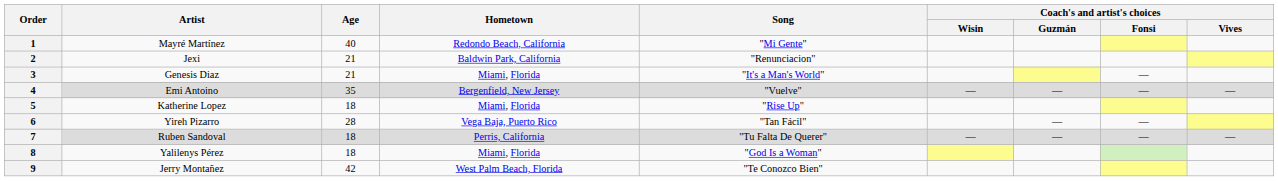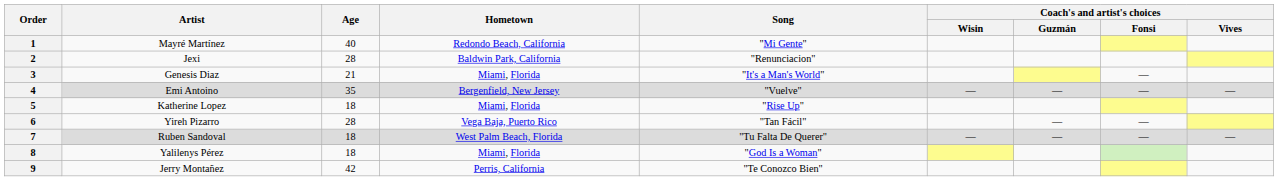 <table class="wikitable" style="text-align:center; line-height:17px; width:100%;">
 <tr>
 <th scope="col" rowspan="2" style="width:04%;">Order</th>
 <th scope="col" rowspan="2" style="width:18%;">Artist</th>
 <th scope="col" rowspan="2" style="width:04%;">Age</th>
 <th scope="col" rowspan="2" style="width:18%;">Hometown</th>
 <th scope="col" rowspan="2" style="width:20%;">Song</th>
 <th scope="col" colspan="4" style="width:24%;">Coach's and artist's choices</th>
 </tr>
 <tr>
 <th style="width:06%;">Wisin</th>
 <th style="width:06%;">Guzmán</th>
 <th style="width:06%;">Fonsi</th>
 <th style="width:06%;">Vives</th>
 </tr>
 <tr>
 <th>1</th>
 <td>Mayré Martínez</td>
 <td>40</td>
 <td><a href='#'>Redondo Beach, California</a></td>
 <td>"<a href='#'>Mi Gente</a>"</td>
 <td><strong></strong></td>
 <td><strong></strong></td>
 <td style="background:#fdfc8f;"><strong></strong></td>
 <td><strong></strong></td>
 </tr>
 <tr>
 <th>2</th>
 <td>Jexi</td>
-<td>21</td>
+<td>28</td>
 <td><a href='#'>Baldwin Park, California</a></td>
 <td>"Renunciacion"</td>
 <td><strong></strong></td>
 <td><strong></strong></td>
 <td><strong></strong></td>
 <td style="background:#fdfc8f;"><strong></strong></td>
 </tr>
 <tr>
 <th>3</th>
 <td>Genesis Diaz</td>
 <td>21</td>
 <td><a href='#'>Miami</a>, <a href='#'>Florida</a></td>
 <td>"<a href='#'>It's a Man's World</a>"</td>
 <td><strong></strong></td>
 <td style="background:#fdfc8f;"><strong></strong></td>
 <td>—</td>
 <td><strong></strong></td>
 </tr>
 <tr style="background:#DCDCDC;">
 <th>4</th>
 <td>Emi Antoino</td>
 <td>35</td>
 <td><a href='#'>Bergenfield, New Jersey</a></td>
 <td>"Vuelve"</td>
 <td>—</td>
 <td>—</td>
 <td>—</td>
 <td>—</td>
 </tr>
 <tr>
 <th>5</th>
 <td>Katherine Lopez</td>
 <td>18</td>
 <td><a href='#'>Miami</a>, <a href='#'>Florida</a></td>
 <td>"<a href='#'>Rise Up</a>"</td>
 <td><strong></strong></td>
 <td><strong></strong></td>
 <td style="background:#fdfc8f;"><strong></strong></td>
 <td><strong></strong></td>
 </tr>
 <tr>
 <th>6</th>
 <td>Yireh Pizarro</td>
 <td>28</td>
 <td><a href='#'>Vega Baja, Puerto Rico</a></td>
 <td>"Tan Fácil"</td>
 <td><strong></strong></td>
 <td>—</td>
 <td>—</td>
 <td style="background:#fdfc8f;"><strong></strong></td>
 </tr>
 <tr style="background:#DCDCDC;">
 <th>7</th>
 <td>Ruben Sandoval</td>
 <td>18</td>
-<td><a href='#'>Perris, California</a></td>
+<td><a href='#'>West Palm Beach, Florida</a></td>
 <td>"Tu Falta De Querer"</td>
 <td>—</td>
 <td>—</td>
 <td>—</td>
 <td>—</td>
 </tr>
 <tr>
 <th>8</th>
 <td>Yalilenys Pérez</td>
 <td>18</td>
 <td><a href='#'>Miami</a>, <a href='#'>Florida</a></td>
 <td>"<a href='#'>God Is a Woman</a>"</td>
 <td style="background:#fdfc8f;"><strong></strong></td>
 <td><strong></strong></td>
 <td style="background-color:#d0f0c0;"><strong></strong></td>
 <td><strong></strong></td>
 </tr>
 <tr>
 <th>9</th>
 <td>Jerry Montañez</td>
 <td>42</td>
-<td><a href='#'>West Palm Beach, Florida</a></td>
+<td><a href='#'>Perris, California</a></td>
 <td>"Te Conozco Bien"</td>
 <td><strong></strong></td>
 <td><strong></strong></td>
 <td style="background:#fdfc8f;"><strong></strong></td>
 <td><strong></strong></td>
 </tr>
 </table>
